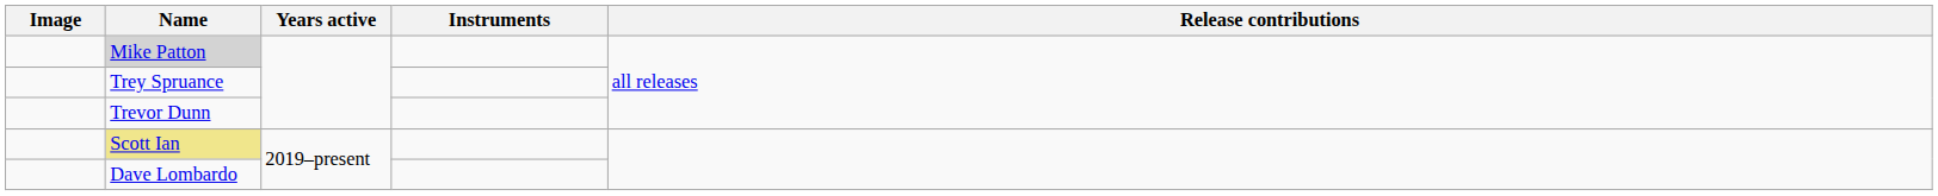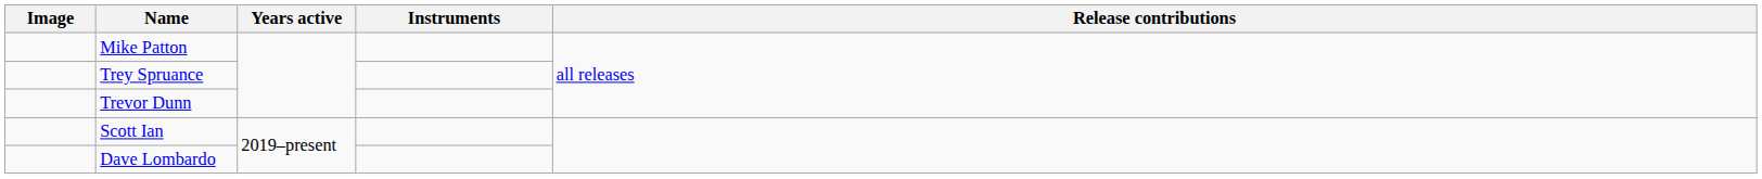 <table class="wikitable" width="100%" border="1">
 <tr>
 <th width="75">Image</th>
 <th width="120">Name</th>
 <th width="100">Years active</th>
 <th width="170">Instruments</th>
 <th>Release contributions</th>
 </tr>
 <tr>
 <td></td>
-<td style="background: lightgrey;"><a href='#'>Mike Patton</a></td>
+<td><a href='#'>Mike Patton</a></td>
 <td rowspan="3"></td>
 <td></td>
 <td rowspan="3"><a href='#'>all releases</a></td>
 </tr>
 <tr>
 <td></td>
 <td><a href='#'>Trey Spruance</a></td>
 <td></td>
 </tr>
 <tr>
 <td></td>
 <td><a href='#'>Trevor Dunn</a></td>
 <td></td>
 </tr>
 <tr>
 <td></td>
-<td style="background: khaki;"><a href='#'>Scott Ian</a></td>
+<td><a href='#'>Scott Ian</a></td>
 <td rowspan="2">2019–present</td>
 <td></td>
 <td rowspan="2"></td>
 </tr>
 <tr>
 <td></td>
 <td><a href='#'>Dave Lombardo</a></td>
 <td></td>
 </tr>
 </table>
